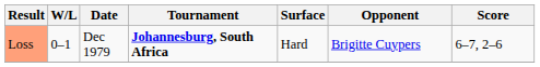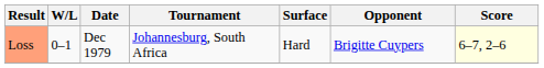 <table class="sortable wikitable">
 <tr>
 <th style="width:40px">Result</th>
 <th style="width:30px" class="unsortable">W/L</th>
 <th style="width:50px">Date</th>
 <th style="width:170px">Tournament</th>
 <th style="width:50px">Surface</th>
 <th style="width:140px">Opponent</th>
 <th style="width:90px" class="unsortable">Score</th>
 </tr>
 <tr>
 <td style="background:#ffa07a;">Loss</td>
 <td>0–1</td>
 <td>Dec 1979</td>
-<td><strong><a href='#'>Johannesburg</a>, South Africa</strong></td>
+<td><a href='#'>Johannesburg</a>, South Africa</td>
 <td>Hard</td>
 <td> <a href='#'>Brigitte Cuypers</a></td>
-<td>6–7, 2–6</td>
+<td style="background: lightyellow;">6–7, 2–6</td>
 </tr>
 <tr>
 </tr>
 </table>
